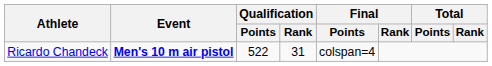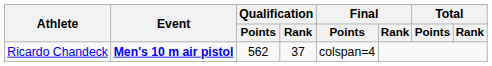 <table class=wikitable style=font-size:90%;text-align:center>
 <tr>
 <th rowspan=2>Athlete</th>
 <th rowspan=2>Event</th>
 <th colspan=2>Qualification</th>
 <th colspan=2>Final</th>
 <th colspan=2>Total</th>
 </tr>
 <tr style=font-size:95%>
 <th>Points</th>
 <th>Rank</th>
 <th>Points</th>
 <th>Rank</th>
 <th>Points</th>
 <th>Rank</th>
 </tr>
 <tr>
 <td align=left><a href='#'>Ricardo Chandeck</a></td>
 <td align=left><strong><a href='#'>Men's 10 m air pistol</a></strong></td>
-<td>522</td>
-<td>31</td>
+<td>562</td>
+<td>37</td>
 <td>colspan=4 </td>
 </tr>
 </table>
